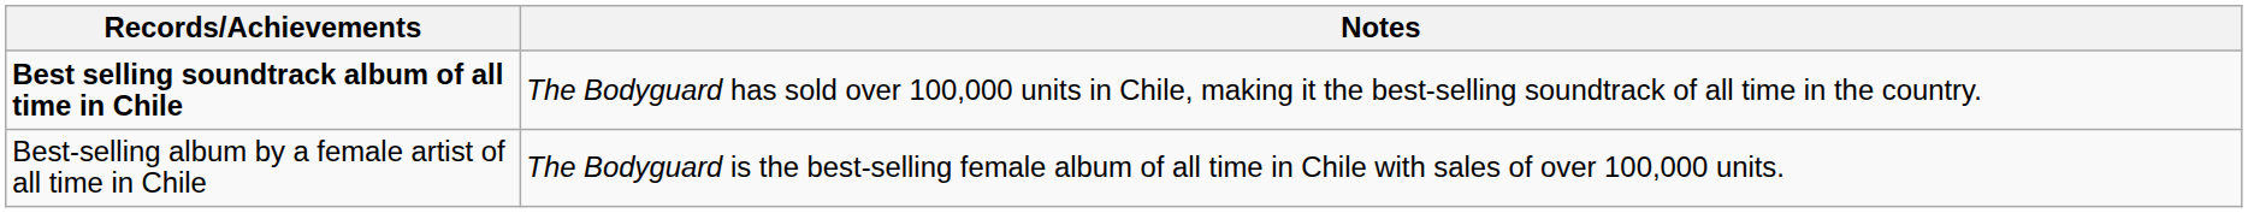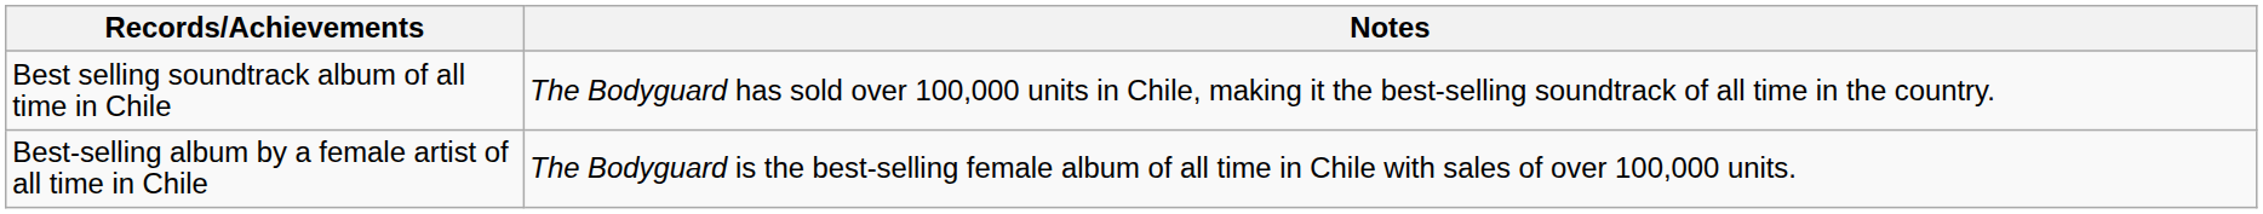 <table class="wikitable sortable plainrowheaders">
 <tr>
 <th scope="col" width=20%>Records/Achievements</th>
 <th scope="col" width=67%>Notes</th>
 </tr>
 <tr>
-<td><strong>Best selling soundtrack album of all time in Chile</strong></td>
+<td>Best selling soundtrack album of all time in Chile</td>
 <td><em>The Bodyguard</em> has sold over 100,000 units in Chile, making it the best-selling soundtrack of all time in the country.</td>
 </tr>
 <tr>
 <td>Best-selling album by a female artist of all time in Chile</td>
 <td><em>The Bodyguard</em> is the best-selling female album of all time in Chile with sales of over 100,000 units.</td>
 </tr>
 </table>
